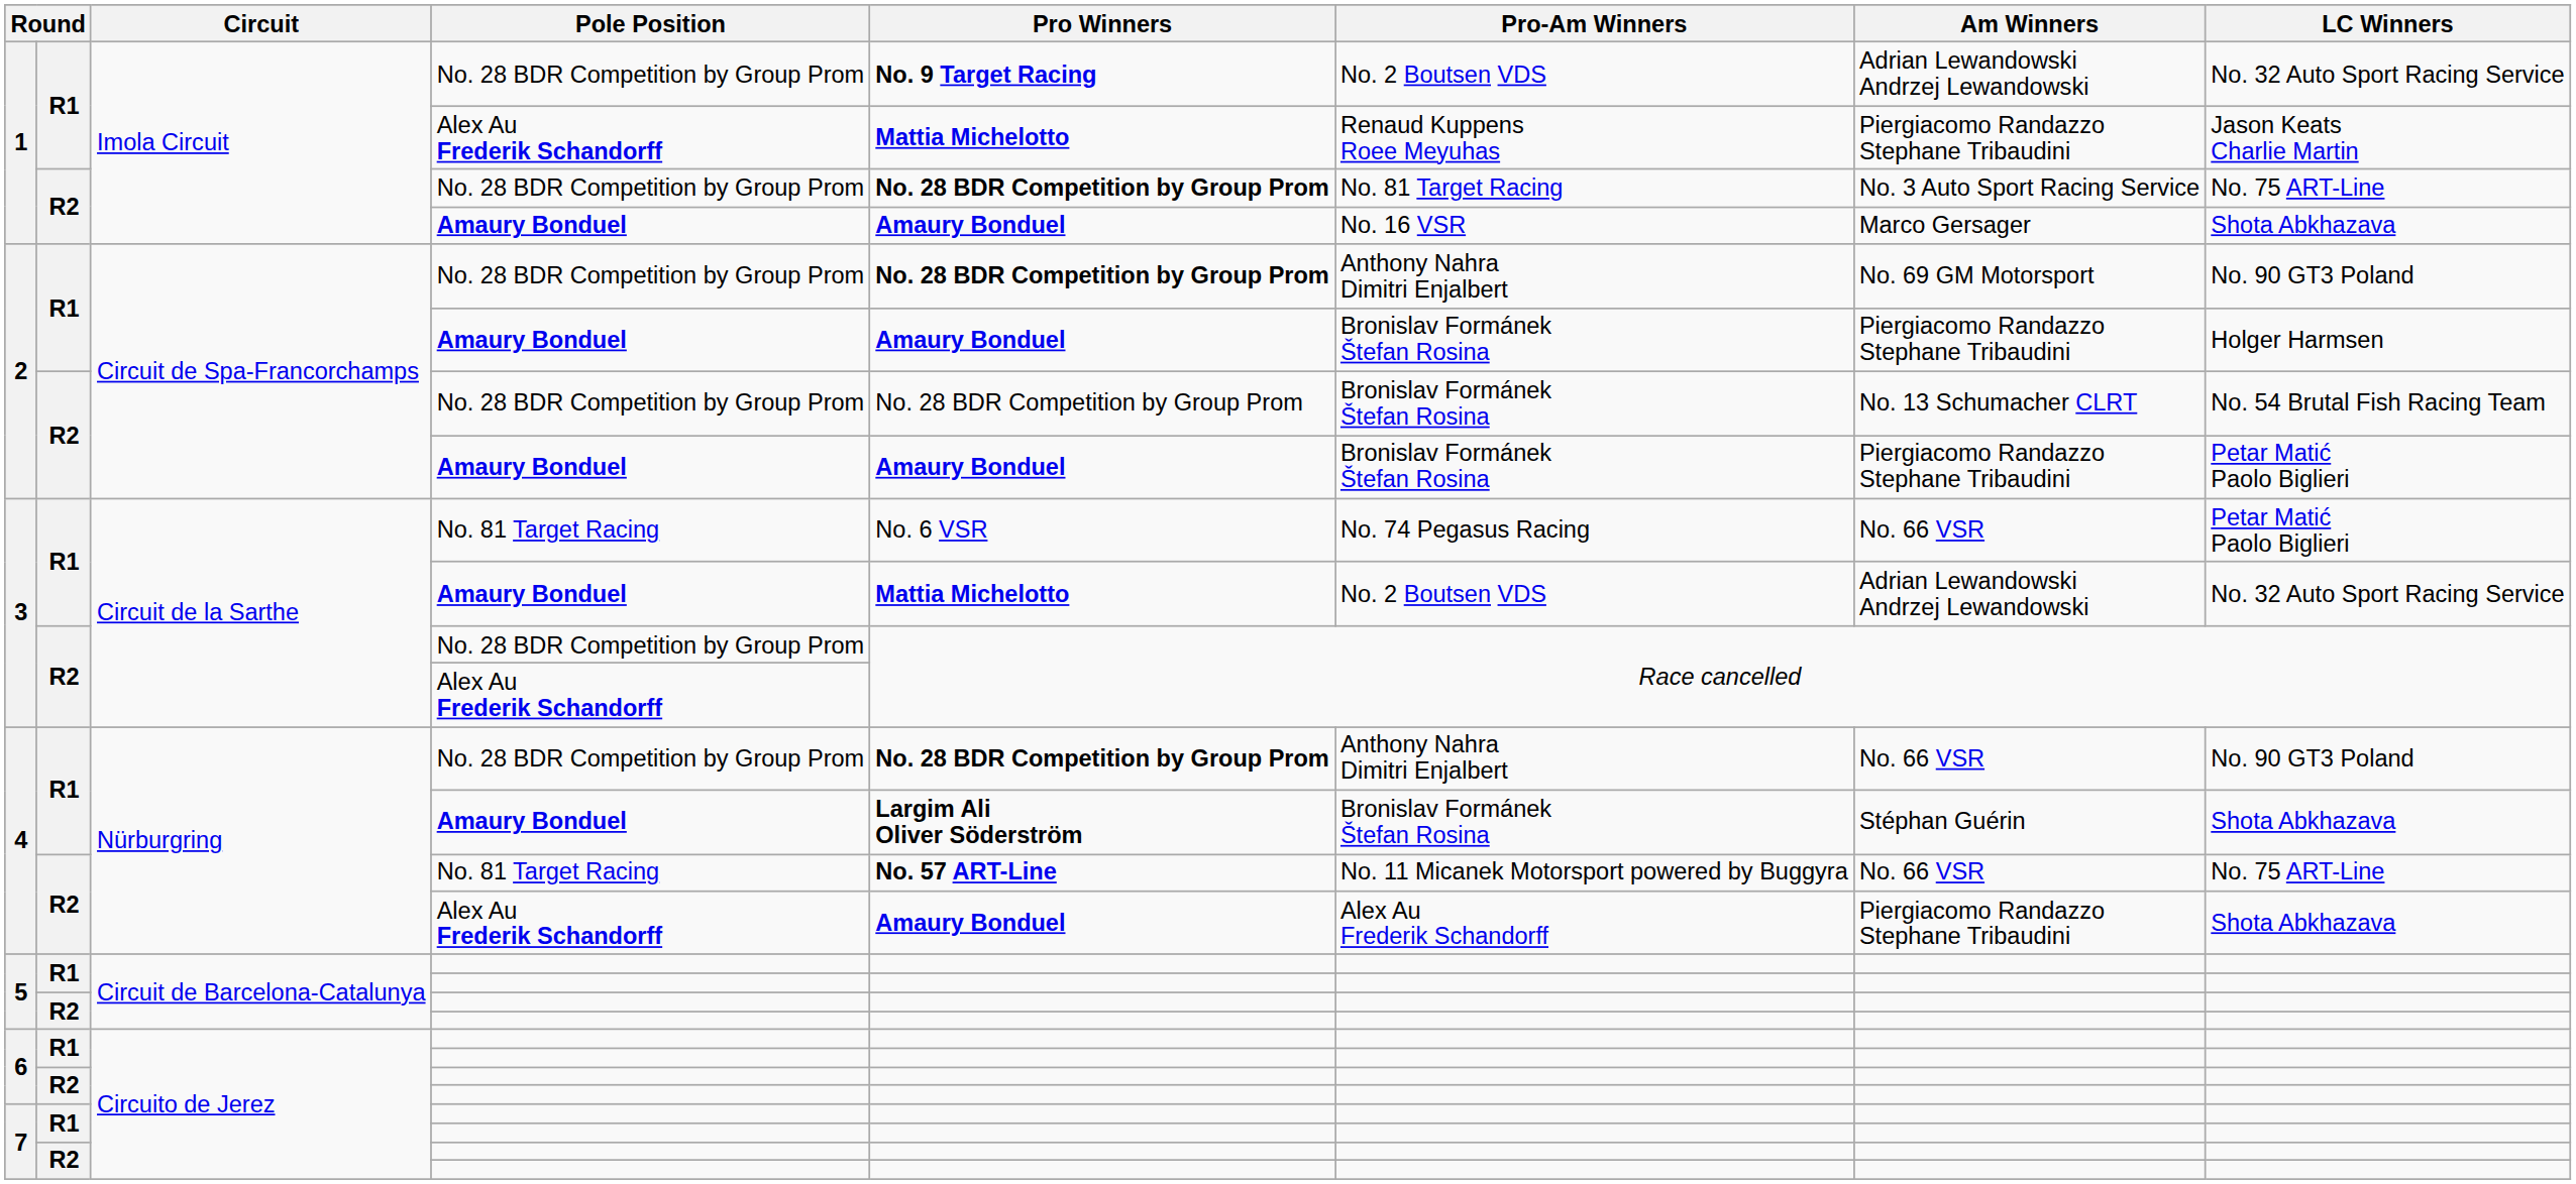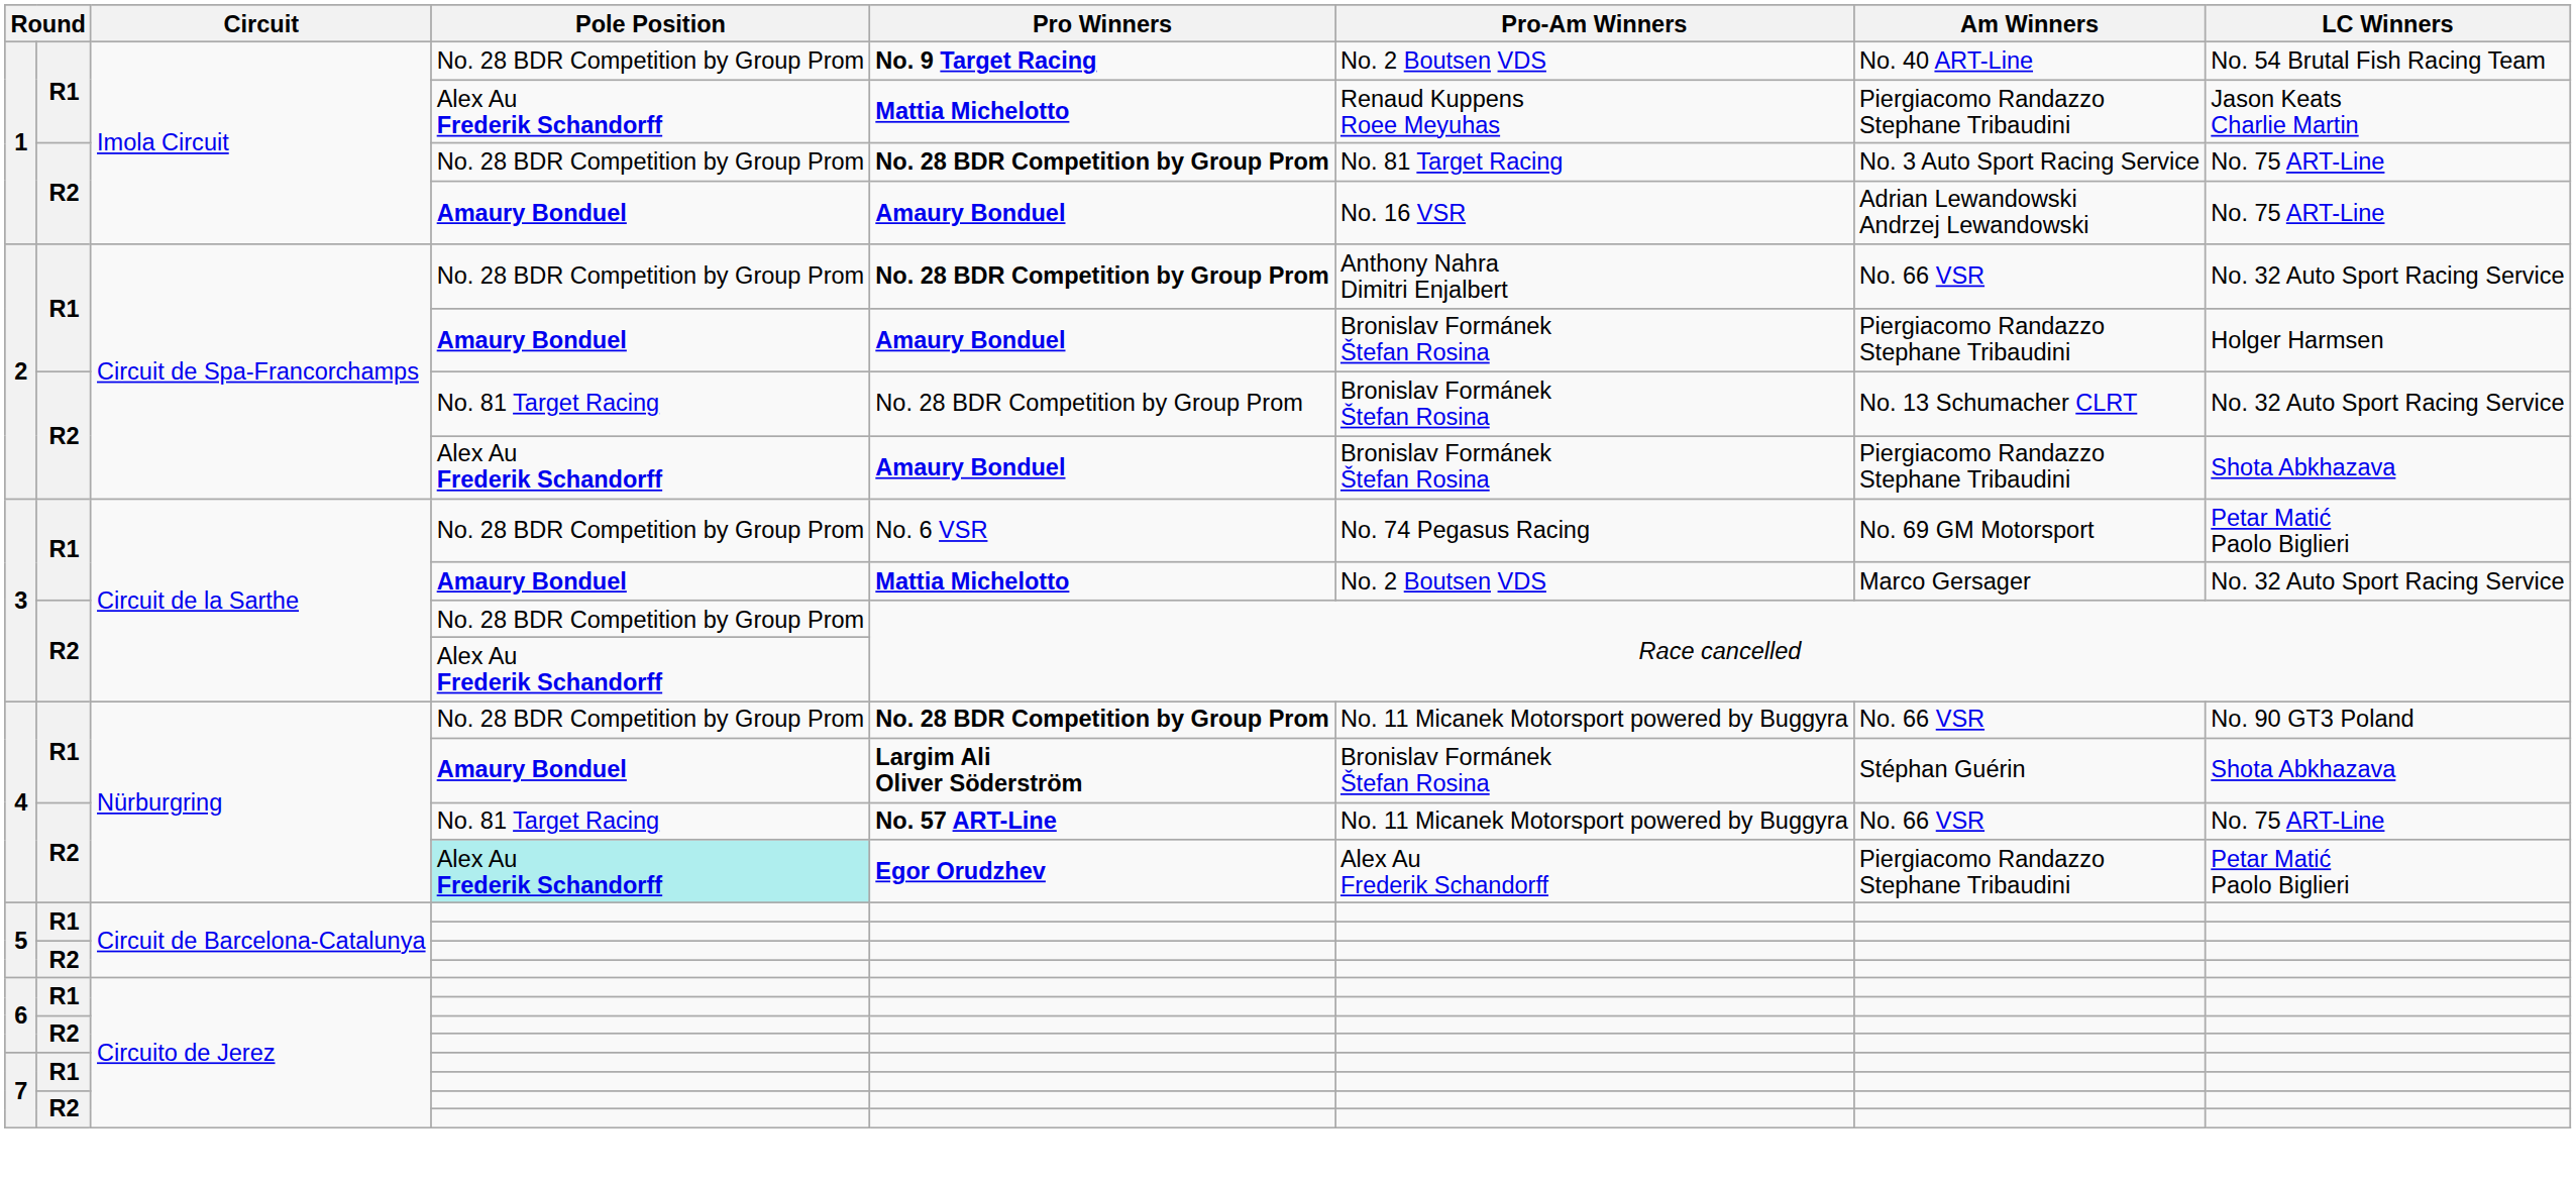 <table class="wikitable" style="font-size:85%;">
 <tr>
 <th colspan="2">Round</th>
 <th>Circuit</th>
 <th>Pole Position</th>
 <th>Pro Winners</th>
 <th>Pro-Am Winners</th>
 <th>Am Winners</th>
 <th>LC Winners</th>
 </tr>
 <tr>
 <th rowspan="4">1</th>
 <th rowspan="2">R1</th>
 <td rowspan="4"> <a href='#'>Imola Circuit</a></td>
 <td> No. 28 BDR Competition by Group Prom</td>
 <td><strong> No. 9 <a href='#'>Target Racing</a></strong></td>
 <td> No. 2 <a href='#'>Boutsen</a> <a href='#'>VDS</a></td>
-<td> Adrian Lewandowski<br> Andrzej Lewandowski</td>
-<td> No. 32 Auto Sport Racing Service</td>
+<td> No. 40 <a href='#'>ART-Line</a></td>
+<td> No. 54 Brutal Fish Racing Team</td>
 </tr>
 <tr>
 <td><strong></strong> Alex Au<strong><br> <a href='#'>Frederik Schandorff</a></strong></td>
 <td><strong> <a href='#'>Mattia Michelotto</a></strong></td>
 <td> Renaud Kuppens<br> <a href='#'>Roee Meyuhas</a></td>
 <td> Piergiacomo Randazzo<br> Stephane Tribaudini</td>
 <td> Jason Keats<br> <a href='#'>Charlie Martin</a></td>
 </tr>
 <tr>
 <th rowspan="2">R2</th>
 <td> No. 28 BDR Competition by Group Prom</td>
 <td><strong> No. 28 BDR Competition by Group Prom</strong></td>
 <td> No. 81 <a href='#'>Target Racing</a></td>
 <td> No. 3 Auto Sport Racing Service</td>
 <td> No. 75 <a href='#'>ART-Line</a></td>
 </tr>
 <tr>
 <td><strong> <a href='#'>Amaury Bonduel</a></strong></td>
 <td><strong> <a href='#'>Amaury Bonduel</a></strong></td>
 <td> No. 16 <a href='#'>VSR</a></td>
-<td> Marco Gersager</td>
-<td> <a href='#'>Shota Abkhazava</a></td>
+<td> Adrian Lewandowski<br> Andrzej Lewandowski</td>
+<td> No. 75 <a href='#'>ART-Line</a></td>
 </tr>
 <tr>
 <th rowspan="4">2</th>
 <th rowspan="2">R1</th>
 <td rowspan="4"> <a href='#'>Circuit de Spa-Francorchamps</a></td>
 <td> No. 28 BDR Competition by Group Prom</td>
 <td><strong> No. 28 BDR Competition by Group Prom</strong></td>
 <td> Anthony Nahra<br> Dimitri Enjalbert</td>
-<td> No. 69 GM Motorsport</td>
-<td> No. 90 GT3 Poland</td>
+<td> No. 66 <a href='#'>VSR</a></td>
+<td> No. 32 Auto Sport Racing Service</td>
 </tr>
 <tr>
 <td><strong> <a href='#'>Amaury Bonduel</a></strong></td>
 <td><strong> <a href='#'>Amaury Bonduel</a></strong></td>
 <td> Bronislav Formánek<br> <a href='#'>Štefan Rosina</a></td>
 <td> Piergiacomo Randazzo<br> Stephane Tribaudini</td>
 <td> Holger Harmsen</td>
 </tr>
 <tr>
 <th rowspan="2">R2</th>
-<td> No. 28 BDR Competition by Group Prom</td>
+<td> No. 81 <a href='#'>Target Racing</a></td>
 <td> No. 28 BDR Competition by Group Prom</td>
 <td> Bronislav Formánek<br> <a href='#'>Štefan Rosina</a></td>
 <td> No. 13 Schumacher <a href='#'>CLRT</a></td>
-<td> No. 54 Brutal Fish Racing Team</td>
+<td> No. 32 Auto Sport Racing Service</td>
 </tr>
 <tr>
-<td><strong> <a href='#'>Amaury Bonduel</a></strong></td>
+<td><strong></strong> Alex Au<strong><br> <a href='#'>Frederik Schandorff</a></strong></td>
 <td><strong> <a href='#'>Amaury Bonduel</a></strong></td>
 <td> Bronislav Formánek<br> <a href='#'>Štefan Rosina</a></td>
 <td> Piergiacomo Randazzo<br> Stephane Tribaudini</td>
-<td> <a href='#'>Petar Matić</a><br> Paolo Biglieri</td>
+<td> <a href='#'>Shota Abkhazava</a></td>
 </tr>
 <tr>
 <th rowspan="4">3</th>
 <th rowspan="2">R1</th>
 <td rowspan="4"> <a href='#'>Circuit de la Sarthe</a></td>
-<td> No. 81 <a href='#'>Target Racing</a></td>
+<td> No. 28 BDR Competition by Group Prom</td>
 <td> No. 6 <a href='#'>VSR</a></td>
 <td> No. 74 Pegasus Racing</td>
-<td> No. 66 <a href='#'>VSR</a></td>
+<td> No. 69 GM Motorsport</td>
 <td> <a href='#'>Petar Matić</a><br> Paolo Biglieri</td>
 </tr>
 <tr>
 <td><strong> <a href='#'>Amaury Bonduel</a></strong></td>
 <td><strong> <a href='#'>Mattia Michelotto</a></strong></td>
 <td> No. 2 <a href='#'>Boutsen</a> <a href='#'>VDS</a></td>
-<td> Adrian Lewandowski<br> Andrzej Lewandowski</td>
+<td> Marco Gersager</td>
 <td> No. 32 Auto Sport Racing Service</td>
 </tr>
 <tr>
 <th rowspan="2">R2</th>
 <td> No. 28 BDR Competition by Group Prom</td>
 <td align="center" colspan="4" rowspan="2"><em>Race cancelled</em></td>
 </tr>
 <tr>
 <td><strong></strong> Alex Au<strong><br> <a href='#'>Frederik Schandorff</a></strong></td>
 </tr>
 <tr>
 <th rowspan="4">4</th>
 <th rowspan="2">R1</th>
 <td rowspan="4"> <a href='#'>Nürburgring</a></td>
 <td> No. 28 BDR Competition by Group Prom</td>
 <td> <strong>No. 28 BDR Competition by Group Prom</strong></td>
-<td> Anthony Nahra<br> Dimitri Enjalbert</td>
+<td> No. 11 Micanek Motorsport powered by Buggyra</td>
 <td> No. 66 <a href='#'>VSR</a></td>
 <td> No. 90 GT3 Poland</td>
 </tr>
 <tr>
 <td><strong> <a href='#'>Amaury Bonduel</a></strong></td>
 <td><strong> Largim Ali<br> Oliver Söderström</strong></td>
 <td> Bronislav Formánek<br> <a href='#'>Štefan Rosina</a></td>
 <td> Stéphan Guérin</td>
 <td> <a href='#'>Shota Abkhazava</a></td>
 </tr>
 <tr>
 <th rowspan="2">R2</th>
 <td> No. 81 <a href='#'>Target Racing</a></td>
 <td> <strong>No. 57 <a href='#'>ART-Line</a></strong></td>
 <td> No. 11 Micanek Motorsport powered by Buggyra</td>
 <td> No. 66 <a href='#'>VSR</a></td>
 <td> No. 75 <a href='#'>ART-Line</a></td>
 </tr>
 <tr>
-<td><strong></strong> Alex Au<strong><br> <a href='#'>Frederik Schandorff</a></strong></td>
-<td><strong> <a href='#'>Amaury Bonduel</a></strong></td>
+<td style="background: paleturquoise;"><strong></strong> Alex Au<strong><br> <a href='#'>Frederik Schandorff</a></strong></td>
+<td><strong> <a href='#'>Egor Orudzhev</a></strong></td>
 <td><strong></strong> Alex Au<strong><br></strong> <a href='#'>Frederik Schandorff</a></td>
 <td> Piergiacomo Randazzo<br> Stephane Tribaudini</td>
-<td> <a href='#'>Shota Abkhazava</a></td>
+<td> <a href='#'>Petar Matić</a><br> Paolo Biglieri</td>
 </tr>
 <tr>
 <th rowspan="4">5</th>
 <th rowspan="2">R1</th>
 <td rowspan="4"> <a href='#'>Circuit de Barcelona-Catalunya</a></td>
 <td></td>
 <td></td>
 <td></td>
 <td></td>
 <td></td>
 </tr>
 <tr>
 <td></td>
 <td></td>
 <td></td>
 <td></td>
 <td></td>
 </tr>
 <tr>
 <th rowspan="2">R2</th>
 <td></td>
 <td></td>
 <td></td>
 <td></td>
 <td></td>
 </tr>
 <tr>
 <td></td>
 <td></td>
 <td></td>
 <td></td>
 <td></td>
 </tr>
 <tr>
 <th rowspan="4">6</th>
 <th rowspan="2">R1</th>
 <td rowspan="8"> <a href='#'>Circuito de Jerez</a></td>
 <td></td>
 <td></td>
 <td></td>
 <td></td>
 <td></td>
 </tr>
 <tr>
 <td></td>
 <td></td>
 <td></td>
 <td></td>
 <td></td>
 </tr>
 <tr>
 <th rowspan="2">R2</th>
 <td></td>
 <td></td>
 <td></td>
 <td></td>
 <td></td>
 </tr>
 <tr>
 <td></td>
 <td></td>
 <td></td>
 <td></td>
 <td></td>
 </tr>
 <tr>
 <th rowspan="4">7</th>
 <th rowspan="2">R1</th>
 <td></td>
 <td></td>
 <td></td>
 <td></td>
 <td></td>
 </tr>
 <tr>
 <td></td>
 <td></td>
 <td></td>
 <td></td>
 <td></td>
 </tr>
 <tr>
 <th rowspan="2">R2</th>
 <td></td>
 <td></td>
 <td></td>
 <td></td>
 <td></td>
 </tr>
 <tr>
 <td></td>
 <td></td>
 <td></td>
 <td></td>
 <td></td>
 </tr>
 </table>
